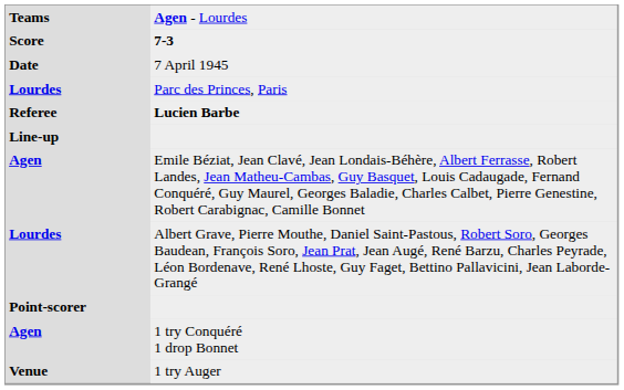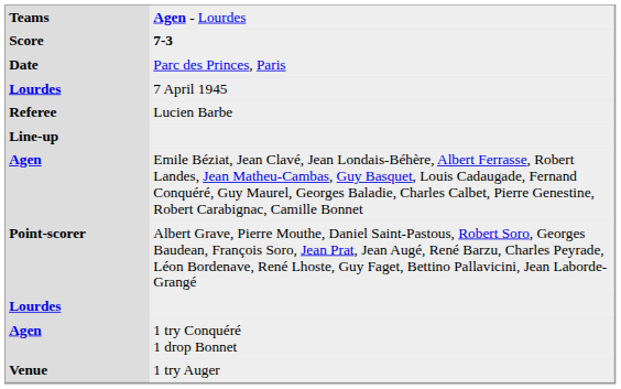 <table align="left" cellpadding="4" cellspacing="0"  style="margin: 0 0 0 0; border: 1px solid #999; border-right-width: 2px; border-bottom-width: 2px; background-color: #DDDDDD">
 <tr>
 <td width="150" valign="top"><strong>Teams</strong></td>
 <td width="500" bgcolor=#EEEEEE><strong><a href='#'>Agen</a></strong> - <a href='#'>Lourdes</a></td>
 </tr>
 <tr>
 <td valign="top"><strong>Score</strong></td>
 <td bgcolor=#EEEEEE><strong>7-3</strong></td>
 </tr>
 <tr>
 <td valign="top"><strong>Date</strong></td>
+<td bgcolor=#EEEEEE><a href='#'>Parc des Princes</a>, <a href='#'>Paris</a></td>
+</tr>
+<tr>
+<td valign="top"><strong><a href='#'>Lourdes</a>  </strong></td>
 <td bgcolor=#EEEEEE>7 April 1945</td>
 </tr>
 <tr>
-<td valign="top"><strong><a href='#'>Lourdes</a>  </strong></td>
-<td bgcolor=#EEEEEE><a href='#'>Parc des Princes</a>, <a href='#'>Paris</a></td>
-</tr>
-<tr>
 <td valign="top"><strong>Referee</strong></td>
-<td bgcolor=#EEEEEE><strong>Lucien Barbe</strong></td>
+<td bgcolor=#EEEEEE>Lucien Barbe</td>
 </tr>
 <tr>
 <td valign="top"><strong>Line-up</strong></td>
 <td bgcolor=#EEEEEE></td>
 </tr>
 <tr>
 <td valign="top"><strong><a href='#'>Agen</a></strong></td>
 <td bgcolor=#EEEEEE>Emile Béziat, Jean Clavé, Jean Londais-Béhère, <a href='#'>Albert Ferrasse</a>, Robert Landes, <a href='#'>Jean Matheu-Cambas</a>, <a href='#'>Guy Basquet</a>, Louis Cadaugade, Fernand Conquéré, Guy Maurel, Georges Baladie, Charles Calbet, Pierre Genestine, Robert Carabignac, Camille Bonnet</td>
 </tr>
 <tr>
-<td valign="top"><strong><a href='#'>Lourdes</a>  </strong></td>
+<td valign="top"><strong>Point-scorer</strong></td>
 <td bgcolor=#EEEEEE>Albert Grave, Pierre Mouthe, Daniel Saint-Pastous, <a href='#'>Robert Soro</a>, Georges Baudean, François Soro, <a href='#'>Jean Prat</a>, Jean Augé, René Barzu, Charles Peyrade, Léon Bordenave, René Lhoste, Guy Faget, Bettino Pallavicini, Jean Laborde-Grangé</td>
 </tr>
 <tr>
-<td valign="top"><strong>Point-scorer</strong></td>
+<td valign="top"><strong><a href='#'>Lourdes</a>  </strong></td>
 <td bgcolor=#EEEEEE></td>
 </tr>
 <tr>
 <td valign="top"><strong><a href='#'>Agen</a> </strong></td>
 <td bgcolor=#EEEEEE>1 try Conquéré<br>1 drop Bonnet</td>
 </tr>
 <tr>
 <td valign="top"><strong>Venue</strong></td>
 <td bgcolor=#EEEEEE>1 try Auger</td>
 </tr>
 </table>
